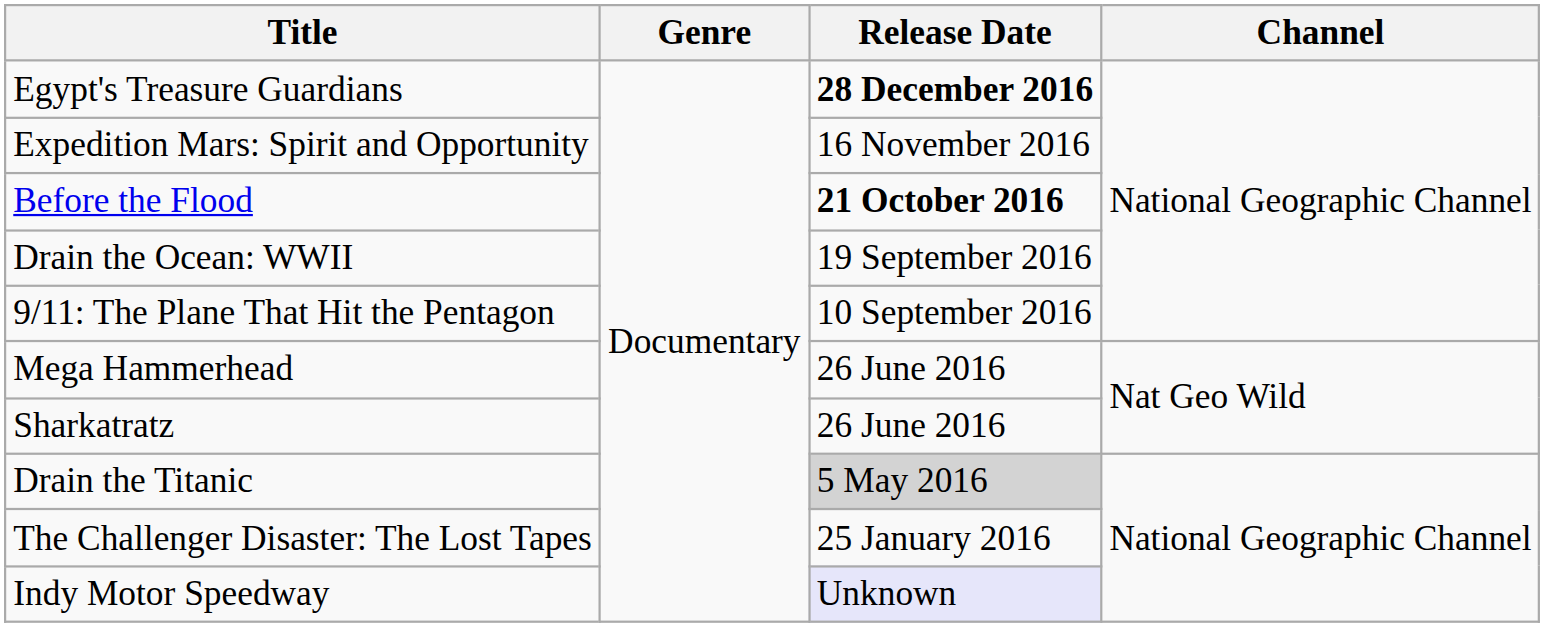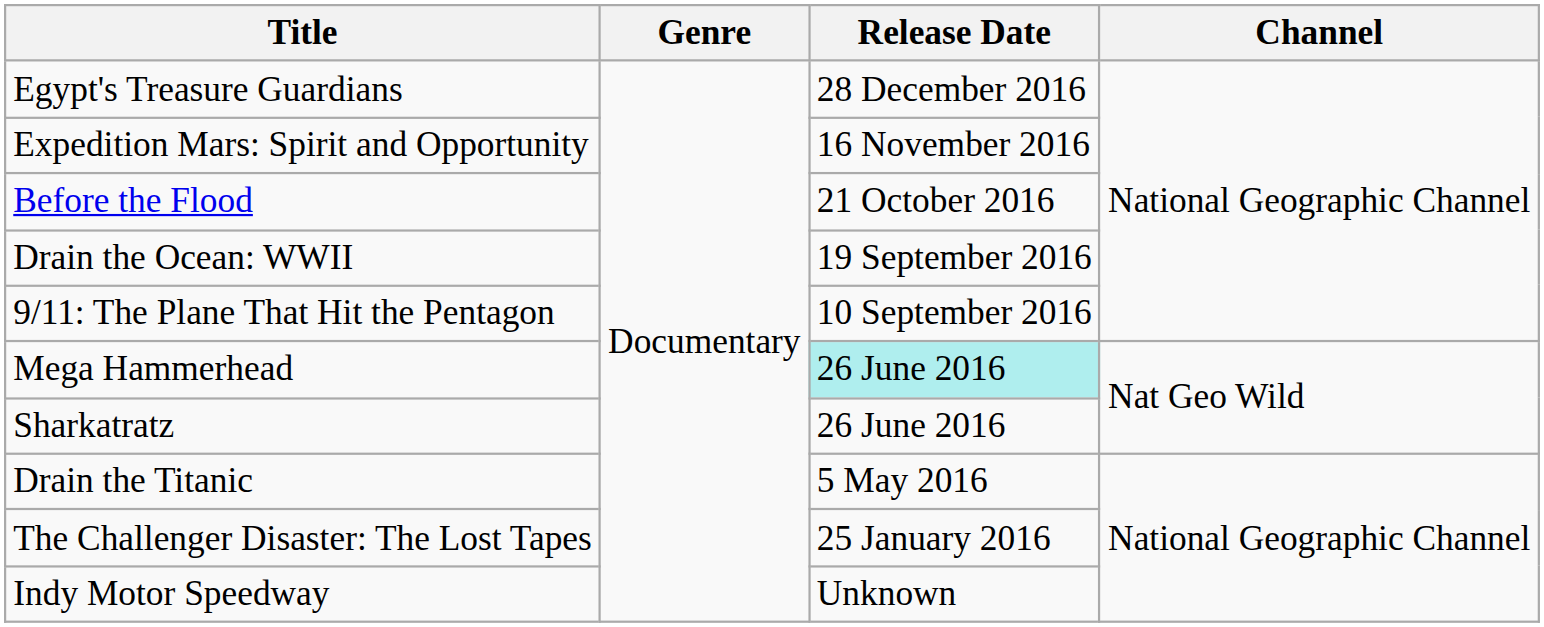 <table class="wikitable sortable">
 <tr>
 <th>Title</th>
 <th>Genre</th>
 <th>Release Date</th>
 <th>Channel</th>
 </tr>
 <tr>
 <td>Egypt's Treasure Guardians</td>
 <td rowspan="13">Documentary</td>
-<td><strong>28 December 2016</strong></td>
+<td>28 December 2016</td>
 <td rowspan="5">National Geographic Channel</td>
 </tr>
 <tr>
 <td>Expedition Mars: Spirit and Opportunity</td>
 <td>16 November 2016</td>
 </tr>
 <tr>
 <td><a href='#'>Before the Flood</a></td>
-<td><strong>21 October 2016</strong></td>
+<td>21 October 2016</td>
 </tr>
 <tr>
 <td>Drain the Ocean: WWII</td>
 <td>19 September 2016</td>
 </tr>
 <tr>
 <td>9/11: The Plane That Hit the Pentagon</td>
 <td>10 September 2016</td>
 </tr>
 <tr>
 <td>Mega Hammerhead</td>
-<td>26 June 2016</td>
+<td style="background: paleturquoise;">26 June 2016</td>
 <td rowspan="2">Nat Geo Wild</td>
 </tr>
 <tr>
 <td>Sharkatratz</td>
 <td>26 June 2016</td>
 </tr>
 <tr>
 <td>Drain the Titanic</td>
-<td style="background: lightgrey;">5 May 2016</td>
+<td>5 May 2016</td>
 <td rowspan="3">National Geographic Channel</td>
 </tr>
 <tr>
 <td>The Challenger Disaster: The Lost Tapes</td>
 <td>25 January 2016</td>
 </tr>
 <tr>
 <td>Indy Motor Speedway</td>
-<td style="background: lavender;">Unknown</td>
+<td>Unknown</td>
 </tr>
 </table>
